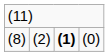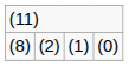 <table class="wikitable">
 <tr>
 <td colspan="4"> (11)</td>
 </tr>
 <tr>
 <td> (8)</td>
 <td> (2)</td>
-<td><strong> (1)</strong></td>
+<td> (1)</td>
 <td> (0)</td>
 </tr>
 </table>
